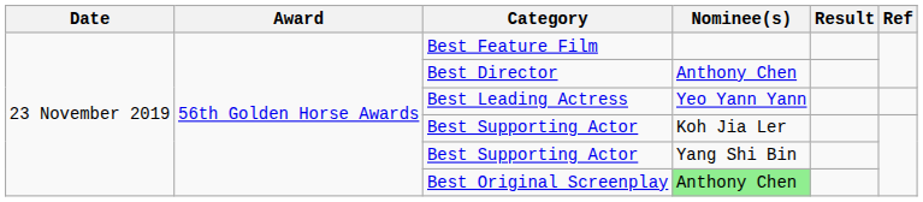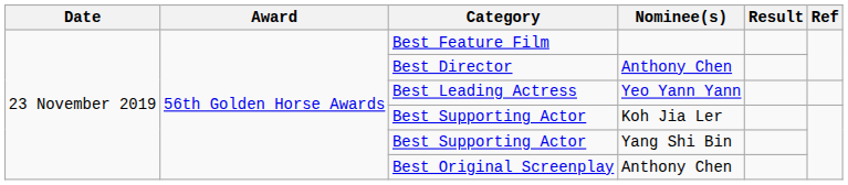 <table class="wikitable plainrowheaders sortable" style="margin-right: 0;">
 <tr>
 <th>Date</th>
 <th scope="col">Award</th>
 <th scope="col">Category</th>
 <th scope="col">Nominee(s)</th>
 <th scope="col">Result</th>
 <th>Ref</th>
 </tr>
 <tr>
 <td rowspan="6">23 November 2019</td>
 <td rowspan="6"><a href='#'>56th Golden Horse Awards</a></td>
 <td><a href='#'>Best Feature Film</a></td>
 <td></td>
 <td></td>
 <td rowspan="2"></td>
 </tr>
 <tr>
 <td><a href='#'>Best Director</a></td>
 <td><a href='#'>Anthony Chen</a></td>
 <td></td>
 </tr>
 <tr>
 <td><a href='#'>Best Leading Actress</a></td>
 <td><a href='#'>Yeo Yann Yann</a></td>
 <td></td>
 <td></td>
 </tr>
 <tr>
 <td><a href='#'>Best Supporting Actor</a></td>
 <td>Koh Jia Ler</td>
 <td></td>
 <td rowspan="3"></td>
 </tr>
 <tr>
 <td><a href='#'>Best Supporting Actor</a></td>
 <td>Yang Shi Bin</td>
 <td></td>
 </tr>
 <tr>
 <td><a href='#'>Best Original Screenplay</a></td>
-<td style="background: lightgreen;">Anthony Chen</td>
+<td>Anthony Chen</td>
 <td></td>
 </tr>
 </table>
